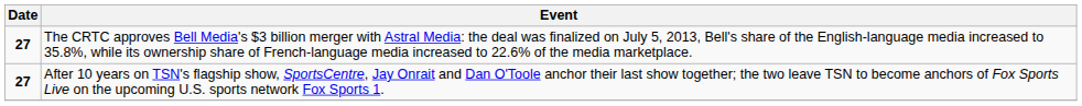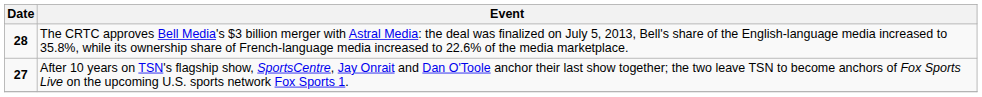 <table class="wikitable">
 <tr>
 <th>Date</th>
 <th>Event</th>
 </tr>
 <tr>
-<td style="text-align:center;"><strong>27</strong></td>
+<td style="text-align:center;"><strong>28</strong></td>
 <td>The CRTC approves <a href='#'>Bell Media</a>'s $3 billion merger with <a href='#'>Astral Media</a>: the deal was finalized on July 5, 2013, Bell's share of the English-language media increased to 35.8%, while its ownership share of French-language media increased to 22.6% of the media marketplace.</td>
 </tr>
 <tr>
 <td style="text-align:center;"><strong>27</strong></td>
 <td>After 10 years on <a href='#'>TSN</a>'s flagship show, <em><a href='#'>SportsCentre</a></em>, <a href='#'>Jay Onrait</a> and <a href='#'>Dan O'Toole</a> anchor their last show together; the two leave TSN to become anchors of <em>Fox Sports Live</em> on the upcoming U.S. sports network <a href='#'>Fox Sports 1</a>.</td>
 </tr>
 <tr>
 </tr>
 </table>
